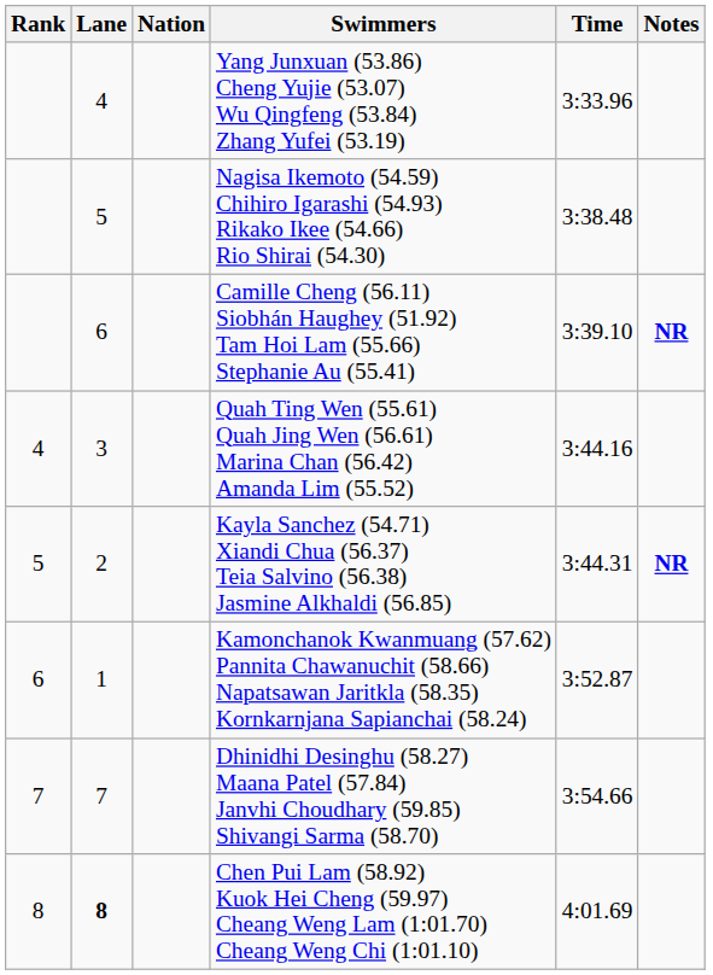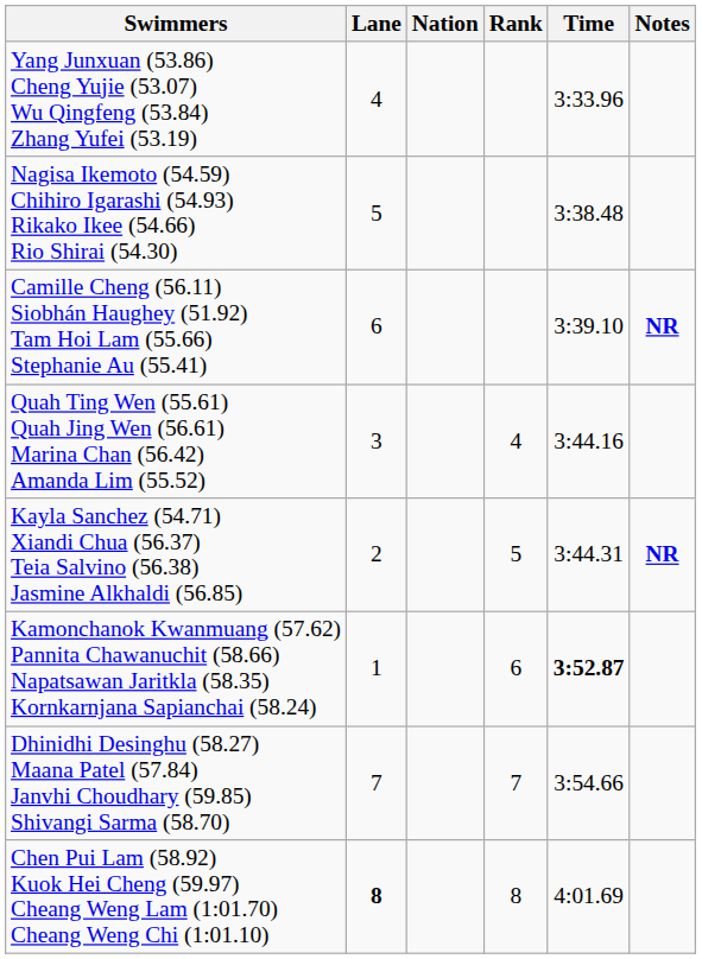 <table class="wikitable sortable" style="text-align:center">
 <tr>
-<th>Rank</th>
+<th>Swimmers</th>
 <th>Lane</th>
 <th>Nation</th>
-<th>Swimmers</th>
+<th>Rank</th>
 <th>Time</th>
 <th>Notes</th>
 </tr>
 <tr>
-<td></td>
+<td align=left><a href='#'>Yang Junxuan</a> (53.86)<br><a href='#'>Cheng Yujie</a> (53.07)<br><a href='#'>Wu Qingfeng</a> (53.84)<br><a href='#'>Zhang Yufei</a> (53.19)</td>
 <td>4</td>
 <td align=left></td>
-<td align=left><a href='#'>Yang Junxuan</a> (53.86)<br><a href='#'>Cheng Yujie</a> (53.07)<br><a href='#'>Wu Qingfeng</a> (53.84)<br><a href='#'>Zhang Yufei</a> (53.19)</td>
+<td></td>
 <td>3:33.96</td>
 <td></td>
 </tr>
 <tr>
-<td></td>
+<td align=left><a href='#'>Nagisa Ikemoto</a> (54.59)<br><a href='#'>Chihiro Igarashi</a> (54.93)<br><a href='#'>Rikako Ikee</a> (54.66)<br><a href='#'>Rio Shirai</a> (54.30)</td>
 <td>5</td>
 <td align=left></td>
-<td align=left><a href='#'>Nagisa Ikemoto</a> (54.59)<br><a href='#'>Chihiro Igarashi</a> (54.93)<br><a href='#'>Rikako Ikee</a> (54.66)<br><a href='#'>Rio Shirai</a> (54.30)</td>
+<td></td>
 <td>3:38.48</td>
 <td></td>
 </tr>
 <tr>
-<td></td>
+<td align=left><a href='#'>Camille Cheng</a> (56.11)<br><a href='#'>Siobhán Haughey</a> (51.92)<br><a href='#'>Tam Hoi Lam</a> (55.66)<br><a href='#'>Stephanie Au</a> (55.41)</td>
 <td>6</td>
 <td align=left></td>
-<td align=left><a href='#'>Camille Cheng</a> (56.11)<br><a href='#'>Siobhán Haughey</a> (51.92)<br><a href='#'>Tam Hoi Lam</a> (55.66)<br><a href='#'>Stephanie Au</a> (55.41)</td>
+<td></td>
 <td>3:39.10</td>
 <td><strong><a href='#'>NR</a></strong></td>
 </tr>
 <tr>
-<td>4</td>
+<td align=left><a href='#'>Quah Ting Wen</a> (55.61)<br><a href='#'>Quah Jing Wen</a> (56.61)<br><a href='#'>Marina Chan</a> (56.42)<br><a href='#'>Amanda Lim</a> (55.52)</td>
 <td>3</td>
 <td align=left></td>
-<td align=left><a href='#'>Quah Ting Wen</a> (55.61)<br><a href='#'>Quah Jing Wen</a> (56.61)<br><a href='#'>Marina Chan</a> (56.42)<br><a href='#'>Amanda Lim</a> (55.52)</td>
+<td>4</td>
 <td>3:44.16</td>
 <td></td>
 </tr>
 <tr>
-<td>5</td>
+<td align=left><a href='#'>Kayla Sanchez</a> (54.71)<br><a href='#'>Xiandi Chua</a> (56.37)<br><a href='#'>Teia Salvino</a> (56.38)<br><a href='#'>Jasmine Alkhaldi</a> (56.85)</td>
 <td>2</td>
 <td align=left></td>
-<td align=left><a href='#'>Kayla Sanchez</a> (54.71)<br><a href='#'>Xiandi Chua</a> (56.37)<br><a href='#'>Teia Salvino</a> (56.38)<br><a href='#'>Jasmine Alkhaldi</a> (56.85)</td>
+<td>5</td>
 <td>3:44.31</td>
 <td><strong><a href='#'>NR</a></strong></td>
 </tr>
 <tr>
-<td>6</td>
+<td align=left><a href='#'>Kamonchanok Kwanmuang</a> (57.62)<br><a href='#'>Pannita Chawanuchit</a> (58.66)<br><a href='#'>Napatsawan Jaritkla</a> (58.35)<br><a href='#'>Kornkarnjana Sapianchai</a> (58.24)</td>
 <td>1</td>
 <td align=left></td>
-<td align=left><a href='#'>Kamonchanok Kwanmuang</a> (57.62)<br><a href='#'>Pannita Chawanuchit</a> (58.66)<br><a href='#'>Napatsawan Jaritkla</a> (58.35)<br><a href='#'>Kornkarnjana Sapianchai</a> (58.24)</td>
-<td>3:52.87</td>
+<td>6</td>
+<td><strong>3:52.87</strong></td>
 <td></td>
 </tr>
 <tr>
-<td>7</td>
+<td align=left><a href='#'>Dhinidhi Desinghu</a> (58.27)<br><a href='#'>Maana Patel</a> (57.84)<br><a href='#'>Janvhi Choudhary</a> (59.85)<br><a href='#'>Shivangi Sarma</a> (58.70)</td>
 <td>7</td>
 <td align=left></td>
-<td align=left><a href='#'>Dhinidhi Desinghu</a> (58.27)<br><a href='#'>Maana Patel</a> (57.84)<br><a href='#'>Janvhi Choudhary</a> (59.85)<br><a href='#'>Shivangi Sarma</a> (58.70)</td>
+<td>7</td>
 <td>3:54.66</td>
 <td></td>
 </tr>
 <tr>
-<td>8</td>
+<td align=left><a href='#'>Chen Pui Lam</a> (58.92)<br><a href='#'>Kuok Hei Cheng</a> (59.97)<br><a href='#'>Cheang Weng Lam</a> (1:01.70)<br><a href='#'>Cheang Weng Chi</a> (1:01.10)</td>
 <td><strong>8</strong></td>
 <td align=left></td>
-<td align=left><a href='#'>Chen Pui Lam</a> (58.92)<br><a href='#'>Kuok Hei Cheng</a> (59.97)<br><a href='#'>Cheang Weng Lam</a> (1:01.70)<br><a href='#'>Cheang Weng Chi</a> (1:01.10)</td>
+<td>8</td>
 <td>4:01.69</td>
 <td></td>
 </tr>
 </table>
